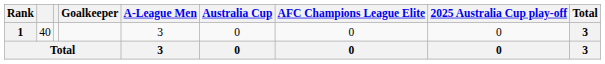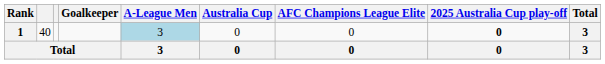 <table class="wikitable" style="text-align:center">
 <tr>
 <th>Rank</th>
 <th></th>
 <th></th>
 <th>Goalkeeper</th>
 <th><a href='#'>A-League Men</a></th>
 <th><a href='#'>Australia Cup</a></th>
 <th><a href='#'>AFC Champions League Elite</a></th>
 <th><a href='#'>2025 Australia Cup play-off</a></th>
 <th>Total</th>
 </tr>
 <tr>
 <th>1</th>
 <td>40</td>
 <td></td>
 <td></td>
-<td>3</td>
+<td style="background: lightblue;">3</td>
 <td>0</td>
 <td>0</td>
-<td>0</td>
+<td><strong>0</strong></td>
 <th>3</th>
 </tr>
 <tr>
 <th colspan="4">Total</th>
 <th>3</th>
 <th>0</th>
 <th>0</th>
 <th>0</th>
 <th>3</th>
 </tr>
 </table>
